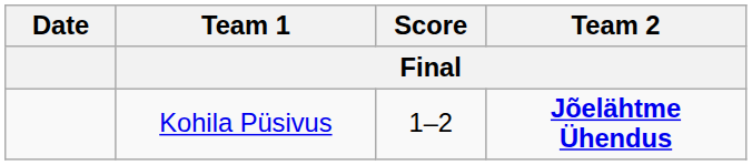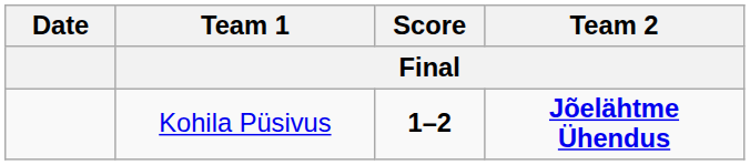 <table class="wikitable" style="text-align: center">
 <tr>
 <th width=60px>Date</th>
 <th width=150px>Team 1</th>
 <th width=60px>Score</th>
 <th width=150px>Team 2</th>
 </tr>
 <tr>
 <th></th>
 <th colspan=3>Final</th>
 </tr>
 <tr>
 <td></td>
 <td><a href='#'>Kohila Püsivus</a></td>
-<td>1–2</td>
+<td><strong>1–2</strong></td>
 <td><strong><a href='#'>Jõelähtme Ühendus</a></strong></td>
 </tr>
 </table>
